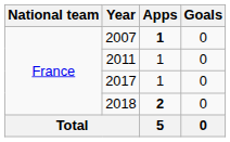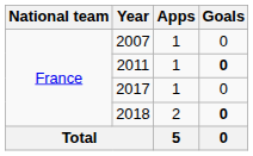 <table class="wikitable" style="text-align:center">
 <tr>
 <th>National team</th>
 <th>Year</th>
 <th>Apps</th>
 <th>Goals</th>
 </tr>
 <tr>
 <td rowspan="4"><a href='#'>France</a></td>
 <td>2007</td>
-<td><strong>1</strong></td>
+<td>1</td>
 <td>0</td>
 </tr>
 <tr>
 <td>2011</td>
 <td>1</td>
-<td>0</td>
+<td><strong>0</strong></td>
 </tr>
 <tr>
 <td>2017</td>
 <td>1</td>
 <td>0</td>
 </tr>
 <tr>
 <td>2018</td>
-<td><strong>2</strong></td>
-<td>0</td>
+<td>2</td>
+<td><strong>0</strong></td>
 </tr>
 <tr>
 <th colspan="2">Total</th>
 <th>5</th>
 <th>0</th>
 </tr>
 </table>
